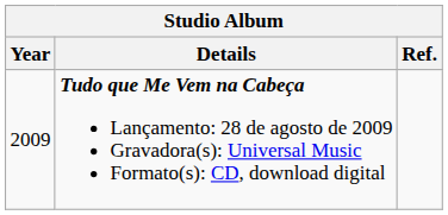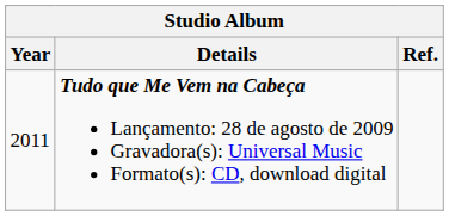 <table class="wikitable">
 <tr>
 <th colspan="3">Studio Album</th>
 </tr>
 <tr>
 <th>Year</th>
 <th>Details</th>
 <th>Ref.</th>
 </tr>
 <tr>
-<td>2009</td>
+<td>2011</td>
 <td><strong><em>Tudo que Me Vem na Cabeça</em></strong><br><ul><li>Lançamento: 28 de agosto de 2009</li><li>Gravadora(s): <a href='#'>Universal Music</a></li><li>Formato(s): <a href='#'>CD</a>, download digital</li></ul></td>
 <td></td>
 </tr>
 </table>
